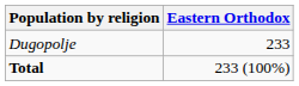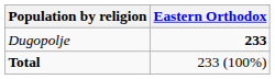 <table class="wikitable sortable">
 <tr>
 <th>Population by religion</th>
 <th><a href='#'>Eastern Orthodox</a></th>
 </tr>
 <tr>
 <td><em>Dugopolje</em></td>
-<td align="right">233</td>
+<td align="right"><strong>233</strong></td>
 </tr>
 <tr>
 <td><strong>Total</strong></td>
 <td align="right">233 (100%)</td>
 </tr>
 </table>
